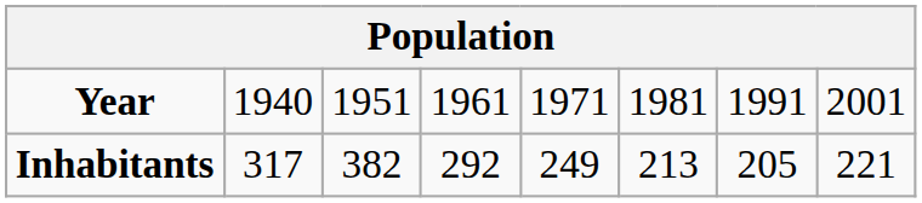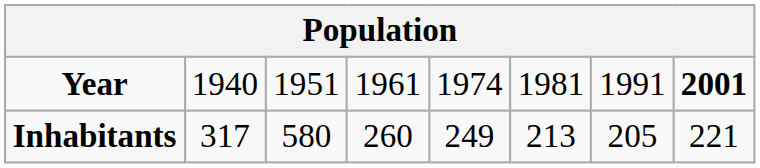 <table class="wikitable" style="text-align:center;">
 <tr>
 <th colspan="8" style="text-align: center;">Population</th>
 </tr>
 <tr>
 <td><strong>Year</strong></td>
 <td>1940</td>
 <td>1951</td>
 <td>1961</td>
-<td>1971</td>
+<td>1974</td>
 <td>1981</td>
 <td>1991</td>
-<td>2001</td>
+<td><strong>2001</strong></td>
 </tr>
 <tr>
 <td><strong>Inhabitants</strong></td>
 <td>317</td>
-<td>382</td>
-<td>292</td>
+<td>580</td>
+<td>260</td>
 <td>249</td>
 <td>213</td>
 <td>205</td>
 <td>221</td>
 </tr>
 </table>
